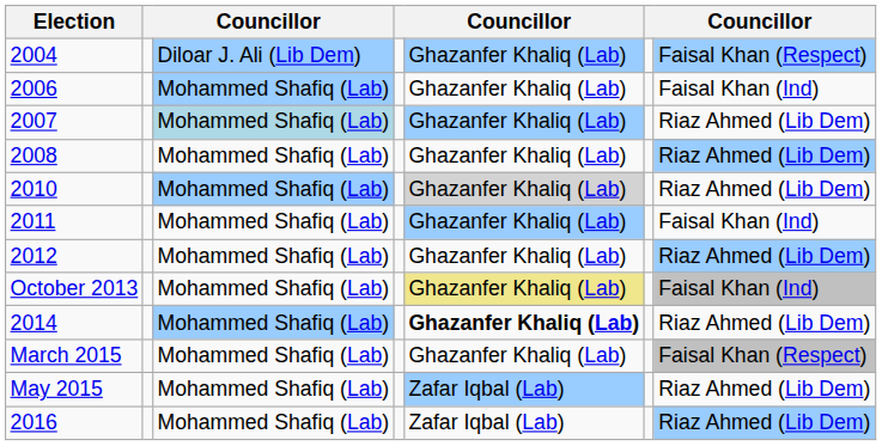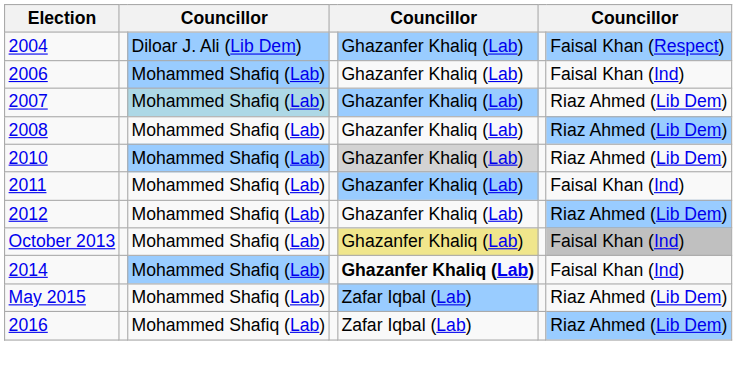 <table class="wikitable">
 <tr>
 <th>Election</th>
 <th colspan="2">Councillor</th>
 <th colspan="2">Councillor</th>
 <th colspan="2">Councillor</th>
 </tr>
 <tr>
 <td><a href='#'>2004</a></td>
 <td style="background-color: "></td>
 <td bgcolor="#99CCFF">Diloar J. Ali (<a href='#'>Lib Dem</a>)</td>
 <td style="background-color: "></td>
 <td bgcolor="#99CCFF">Ghazanfer Khaliq (<a href='#'>Lab</a>)</td>
 <td style="background-color: "></td>
 <td bgcolor="#99CCFF">Faisal Khan (<a href='#'>Respect</a>)</td>
 </tr>
 <tr>
 <td><a href='#'>2006</a></td>
 <td style="background-color: "></td>
 <td bgcolor="#99CCFF">Mohammed Shafiq (<a href='#'>Lab</a>)</td>
 <td style="background-color: "></td>
 <td>Ghazanfer Khaliq (<a href='#'>Lab</a>)</td>
 <td style="background-color: "></td>
 <td>Faisal Khan (<a href='#'>Ind</a>)</td>
 </tr>
 <tr>
 <td><a href='#'>2007</a></td>
 <td style="background-color: "></td>
 <td style="background: lightblue;">Mohammed Shafiq (<a href='#'>Lab</a>)</td>
 <td style="background-color: "></td>
 <td bgcolor="#99CCFF">Ghazanfer Khaliq (<a href='#'>Lab</a>)</td>
 <td style="background-color: "></td>
 <td>Riaz Ahmed (<a href='#'>Lib Dem</a>)</td>
 </tr>
 <tr>
 <td><a href='#'>2008</a></td>
 <td style="background-color: "></td>
 <td>Mohammed Shafiq (<a href='#'>Lab</a>)</td>
 <td style="background-color: "></td>
 <td>Ghazanfer Khaliq (<a href='#'>Lab</a>)</td>
 <td style="background-color: "></td>
 <td bgcolor="#99CCFF">Riaz Ahmed (<a href='#'>Lib Dem</a>)</td>
 </tr>
 <tr>
 <td><a href='#'>2010</a></td>
 <td style="background-color: "></td>
 <td bgcolor="#99CCFF">Mohammed Shafiq (<a href='#'>Lab</a>)</td>
 <td style="background-color: "></td>
 <td style="background: lightgrey;">Ghazanfer Khaliq (<a href='#'>Lab</a>)</td>
 <td style="background-color: "></td>
 <td>Riaz Ahmed (<a href='#'>Lib Dem</a>)</td>
 </tr>
 <tr>
 <td><a href='#'>2011</a></td>
 <td style="background-color: "></td>
 <td>Mohammed Shafiq (<a href='#'>Lab</a>)</td>
 <td style="background-color: "></td>
 <td bgcolor="#99CCFF">Ghazanfer Khaliq (<a href='#'>Lab</a>)</td>
 <td style="background-color: "></td>
 <td>Faisal Khan (<a href='#'>Ind</a>)</td>
 </tr>
 <tr>
 <td><a href='#'>2012</a></td>
 <td style="background-color: "></td>
 <td>Mohammed Shafiq (<a href='#'>Lab</a>)</td>
 <td style="background-color: "></td>
 <td>Ghazanfer Khaliq (<a href='#'>Lab</a>)</td>
 <td style="background-color: "></td>
 <td bgcolor="#99CCFF">Riaz Ahmed (<a href='#'>Lib Dem</a>)</td>
 </tr>
 <tr>
 <td><a href='#'>October 2013</a></td>
 <td style="background-color: "></td>
 <td>Mohammed Shafiq (<a href='#'>Lab</a>)</td>
 <td style="background-color: "></td>
 <td style="background: khaki;">Ghazanfer Khaliq (<a href='#'>Lab</a>)</td>
 <td style="background-color: "></td>
 <td bgcolor="#C0C0C0">Faisal Khan (<a href='#'>Ind</a>)</td>
 </tr>
 <tr>
 <td><a href='#'>2014</a></td>
 <td style="background-color: "></td>
 <td bgcolor="#99CCFF">Mohammed Shafiq (<a href='#'>Lab</a>)</td>
 <td style="background-color: "></td>
 <td><strong>Ghazanfer Khaliq (<a href='#'>Lab</a>)</strong></td>
 <td style="background-color: "></td>
-<td>Riaz Ahmed (<a href='#'>Lib Dem</a>)</td>
-</tr>
-<tr>
-<td><a href='#'>March 2015</a></td>
-<td style="background-color: "></td>
-<td>Mohammed Shafiq (<a href='#'>Lab</a>)</td>
-<td style="background-color: "></td>
-<td>Ghazanfer Khaliq (<a href='#'>Lab</a>)</td>
-<td style="background-color: "></td>
-<td bgcolor="#C0C0C0">Faisal Khan (<a href='#'>Respect</a>)</td>
+<td>Faisal Khan (<a href='#'>Ind</a>)</td>
 </tr>
 <tr>
 <td><a href='#'>May 2015</a></td>
 <td style="background-color: "></td>
 <td>Mohammed Shafiq (<a href='#'>Lab</a>)</td>
 <td style="background-color: "></td>
 <td bgcolor="#99CCFF">Zafar Iqbal (<a href='#'>Lab</a>)</td>
 <td style="background-color: "></td>
 <td>Riaz Ahmed (<a href='#'>Lib Dem</a>)</td>
 </tr>
 <tr>
 <td><a href='#'>2016</a></td>
 <td style="background-color: "></td>
 <td>Mohammed Shafiq (<a href='#'>Lab</a>)</td>
 <td style="background-color: "></td>
 <td>Zafar Iqbal (<a href='#'>Lab</a>)</td>
 <td style="background-color: "></td>
 <td bgcolor="#99CCFF">Riaz Ahmed (<a href='#'>Lib Dem</a>)</td>
 </tr>
 </table>
